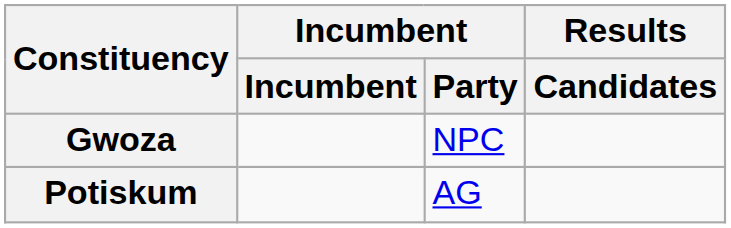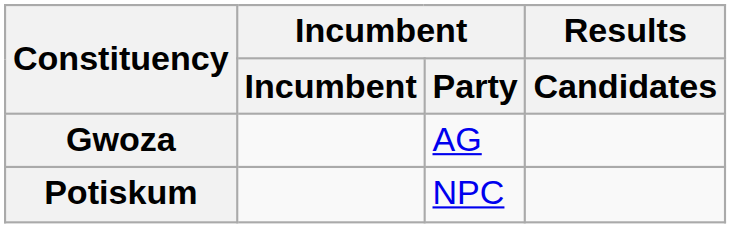 <table class="wikitable sortable">
 <tr>
 <th rowspan="2">Constituency</th>
 <th colspan="2">Incumbent</th>
 <th>Results</th>
 </tr>
 <tr valign="bottom">
 <th>Incumbent</th>
 <th>Party</th>
 <th>Candidates</th>
 </tr>
 <tr>
 <th>Gwoza</th>
 <td></td>
-<td><a href='#'>NPC</a></td>
+<td><a href='#'>AG</a></td>
 <td nowrap=""></td>
 </tr>
 <tr>
 <th>Potiskum</th>
 <td></td>
-<td><a href='#'>AG</a></td>
+<td><a href='#'>NPC</a></td>
 <td nowrap=""></td>
 </tr>
 </table>
